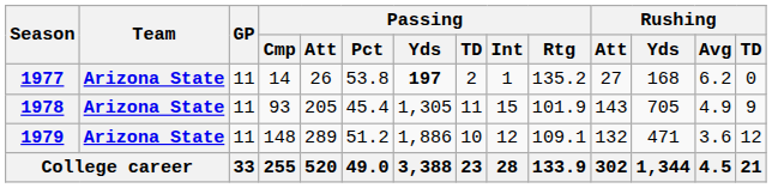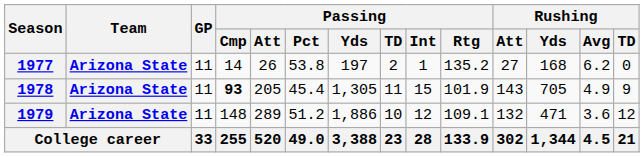 <table class="wikitable" style="text-align:center;">
 <tr>
 <th rowspan="2">Season</th>
 <th rowspan="2">Team</th>
 <th rowspan="2">GP</th>
 <th colspan="7">Passing</th>
 <th colspan="5">Rushing</th>
 </tr>
 <tr>
 <th>Cmp</th>
 <th>Att</th>
 <th>Pct</th>
 <th>Yds</th>
 <th>TD</th>
 <th>Int</th>
 <th>Rtg</th>
 <th>Att</th>
 <th>Yds</th>
 <th>Avg</th>
 <th>TD</th>
 </tr>
 <tr>
 <th><a href='#'>1977</a></th>
 <th><a href='#'>Arizona State</a></th>
 <td>11</td>
 <td>14</td>
 <td>26</td>
 <td>53.8</td>
-<td><strong>197</strong></td>
+<td>197</td>
 <td>2</td>
 <td>1</td>
 <td>135.2</td>
 <td>27</td>
 <td>168</td>
 <td>6.2</td>
 <td>0</td>
 </tr>
 <tr>
 <th><a href='#'>1978</a></th>
 <th><a href='#'>Arizona State</a></th>
 <td>11</td>
-<td>93</td>
+<td><strong>93</strong></td>
 <td>205</td>
 <td>45.4</td>
 <td>1,305</td>
 <td>11</td>
 <td>15</td>
 <td>101.9</td>
 <td>143</td>
 <td>705</td>
 <td>4.9</td>
 <td>9</td>
 </tr>
 <tr>
 <th><a href='#'>1979</a></th>
 <th><a href='#'>Arizona State</a></th>
 <td>11</td>
 <td>148</td>
 <td>289</td>
 <td>51.2</td>
 <td>1,886</td>
 <td>10</td>
 <td>12</td>
 <td>109.1</td>
 <td>132</td>
 <td>471</td>
 <td>3.6</td>
 <td>12</td>
 </tr>
 <tr>
 <th colspan="2">College career</th>
 <th>33</th>
 <th>255</th>
 <th>520</th>
 <th>49.0</th>
 <th>3,388</th>
 <th>23</th>
 <th>28</th>
 <th>133.9</th>
 <th>302</th>
 <th>1,344</th>
 <th>4.5</th>
 <th>21</th>
 </tr>
 </table>
